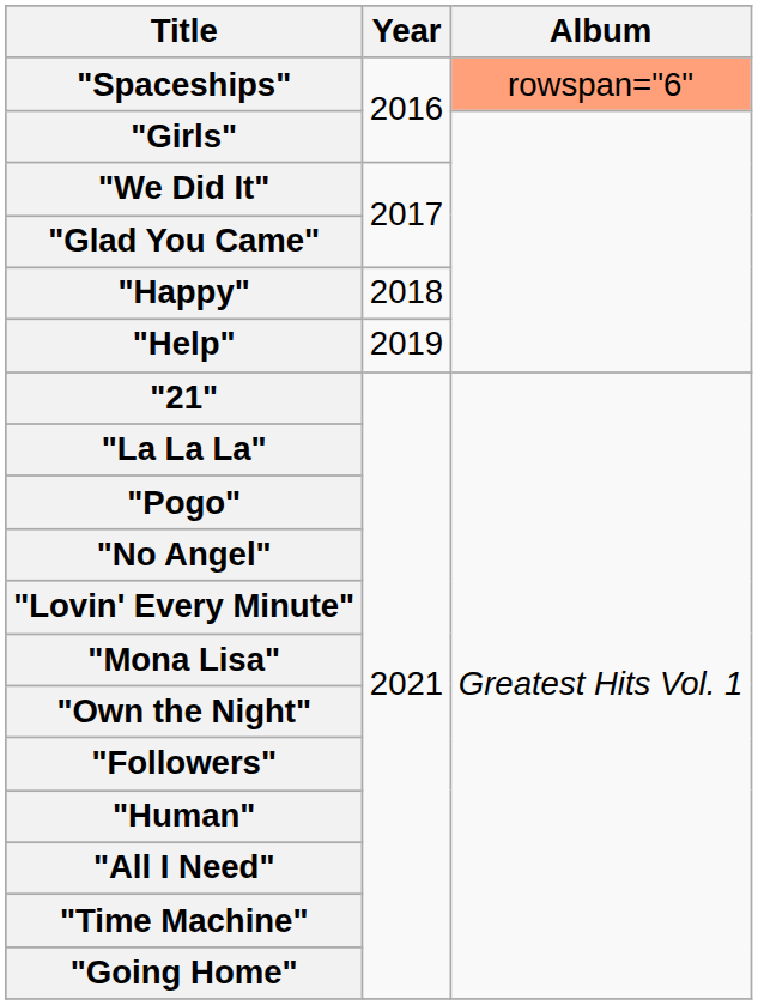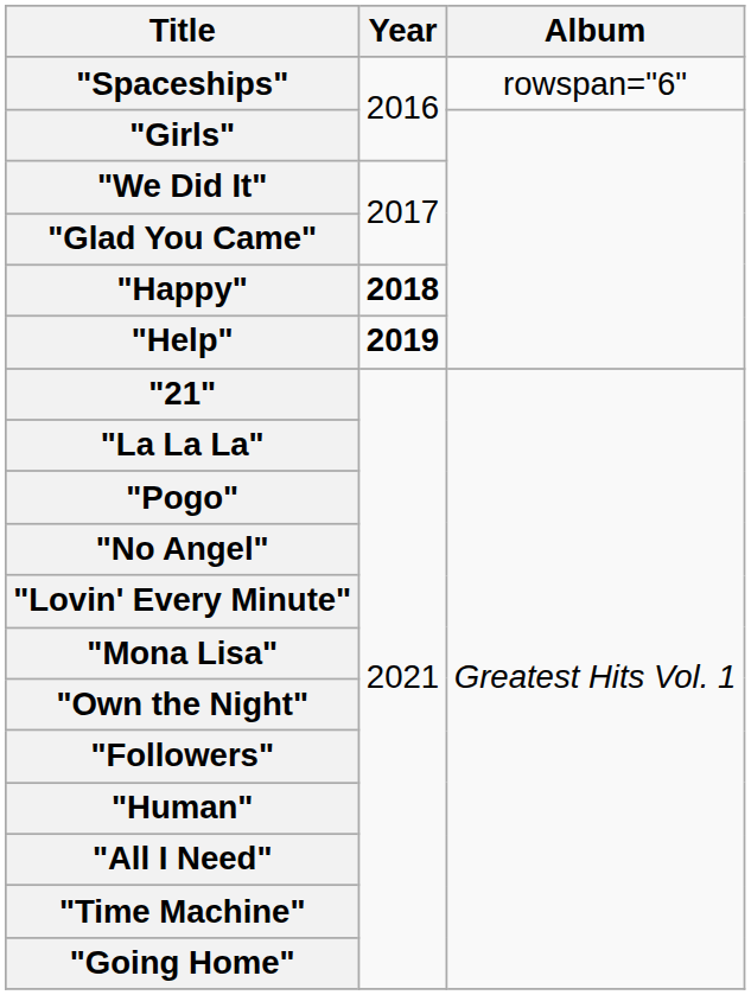 <table class="wikitable plainrowheaders" style="text-align:center;">
 <tr>
 <th scope="col">Title</th>
 <th scope="col">Year</th>
 <th scope="col">Album</th>
 </tr>
 <tr>
 <th scope="row">"Spaceships"</th>
 <td rowspan="2">2016</td>
-<td style="background: lightsalmon;">rowspan="6" </td>
+<td>rowspan="6" </td>
 </tr>
 <tr>
 <th scope="row">"Girls"</th>
 </tr>
 <tr>
 <th scope="row">"We Did It"</th>
 <td rowspan="2">2017</td>
 </tr>
 <tr>
 <th scope="row">"Glad You Came"</th>
 </tr>
 <tr>
 <th scope="row">"Happy"</th>
-<td>2018</td>
+<td><strong>2018</strong></td>
 </tr>
 <tr>
 <th scope="row">"Help"</th>
-<td>2019</td>
+<td><strong>2019</strong></td>
 </tr>
 <tr>
 <th scope="row">"21"</th>
 <td rowspan="12">2021</td>
 <td rowspan="12"><em>Greatest Hits Vol. 1</em></td>
 </tr>
 <tr>
 <th scope="row">"La La La"</th>
 </tr>
 <tr>
 <th scope="row">"Pogo"</th>
 </tr>
 <tr>
 <th scope="row">"No Angel"</th>
 </tr>
 <tr>
 <th scope="row">"Lovin' Every Minute"</th>
 </tr>
 <tr>
 <th scope="row">"Mona Lisa"</th>
 </tr>
 <tr>
 <th scope="row">"Own the Night"</th>
 </tr>
 <tr>
 <th scope="row">"Followers"</th>
 </tr>
 <tr>
 <th scope="row">"Human"</th>
 </tr>
 <tr>
 <th scope="row">"All I Need"</th>
 </tr>
 <tr>
 <th scope="row">"Time Machine"</th>
 </tr>
 <tr>
 <th scope="row">"Going Home"</th>
 </tr>
 </table>
